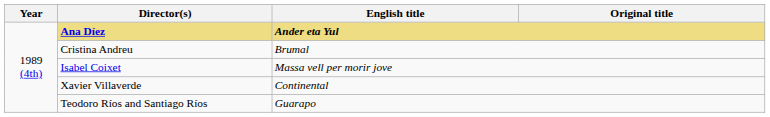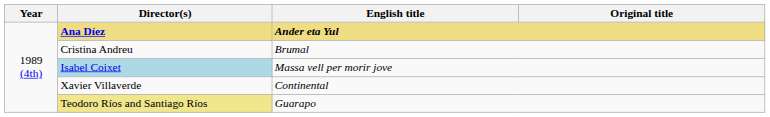 <table class="wikitable sortable" style="text-align:left;">
 <tr>
 <th scope="col" style="width:5%;">Year</th>
 <th scope="col" style="width:20%;">Director(s)</th>
 <th scope="col" style="width:23%;">English title</th>
 <th scope="col" style="width:23%;">Original title</th>
 </tr>
 <tr>
 <td rowspan="5" style="text-align:center;">1989<br><a href='#'>(4th)</a></td>
 <td style="background:#eedd82;"><strong><a href='#'>Ana Díez</a></strong></td>
 <td colspan="2" style="background:#eedd82;"><strong><em>Ander eta Yul</em></strong></td>
 </tr>
 <tr>
 <td>Cristina Andreu</td>
 <td colspan="2"><em>Brumal</em></td>
 </tr>
 <tr>
-<td><a href='#'>Isabel Coixet</a></td>
+<td style="background: lightblue;"><a href='#'>Isabel Coixet</a></td>
 <td colspan="2"><em>Massa vell per morir jove</em></td>
 </tr>
 <tr>
 <td>Xavier Villaverde</td>
 <td colspan="2"><em>Continental</em></td>
 </tr>
 <tr>
-<td>Teodoro Ríos and Santiago Ríos</td>
+<td style="background: khaki;">Teodoro Ríos and Santiago Ríos</td>
 <td colspan="2"><em>Guarapo</em></td>
 </tr>
 </table>
